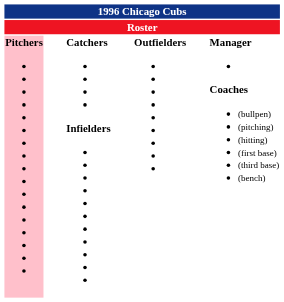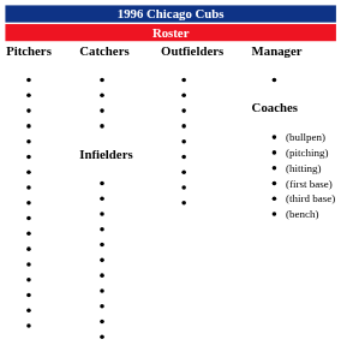 <table class="toccolours" style="font-size: 95%;">
 <tr>
 <th colspan="10" style="background-color: #0e3386; color: #FFFFFF; text-align: center;">1996 Chicago Cubs</th>
 </tr>
 <tr>
 <td colspan="10" style="background-color: #EE1422; color: #FFFFFF; text-align: center;"><strong>Roster</strong></td>
 </tr>
 <tr>
-<td valign="top" style="background: pink;"><strong>Pitchers</strong><br><ul><li></li><li></li><li></li><li></li><li></li><li></li><li></li><li></li><li></li><li></li><li></li><li></li><li></li><li></li><li></li><li></li><li></li></ul></td>
+<td valign="top"><strong>Pitchers</strong><br><ul><li></li><li></li><li></li><li></li><li></li><li></li><li></li><li></li><li></li><li></li><li></li><li></li><li></li><li></li><li></li><li></li><li></li></ul></td>
 <td width="25px"></td>
 <td valign="top"><strong>Catchers</strong><br><ul><li></li><li></li><li></li><li></li></ul><strong>Infielders</strong><ul><li></li><li></li><li></li><li></li><li></li><li></li><li></li><li></li><li></li><li></li><li></li></ul></td>
 <td width="25px"></td>
 <td valign="top"><strong>Outfielders</strong><br><ul><li></li><li></li><li></li><li></li><li></li><li></li><li></li><li></li><li></li></ul></td>
 <td width="25px"></td>
 <td valign="top"><strong>Manager</strong><br><ul><li></li></ul><strong>Coaches</strong><ul><li> <small>(bullpen)</small></li><li> <small>(pitching)</small></li><li> <small>(hitting)</small></li><li> <small>(first base)</small></li><li> <small>(third base)</small></li><li> <small>(bench)</small></li></ul></td>
 </tr>
 </table>
